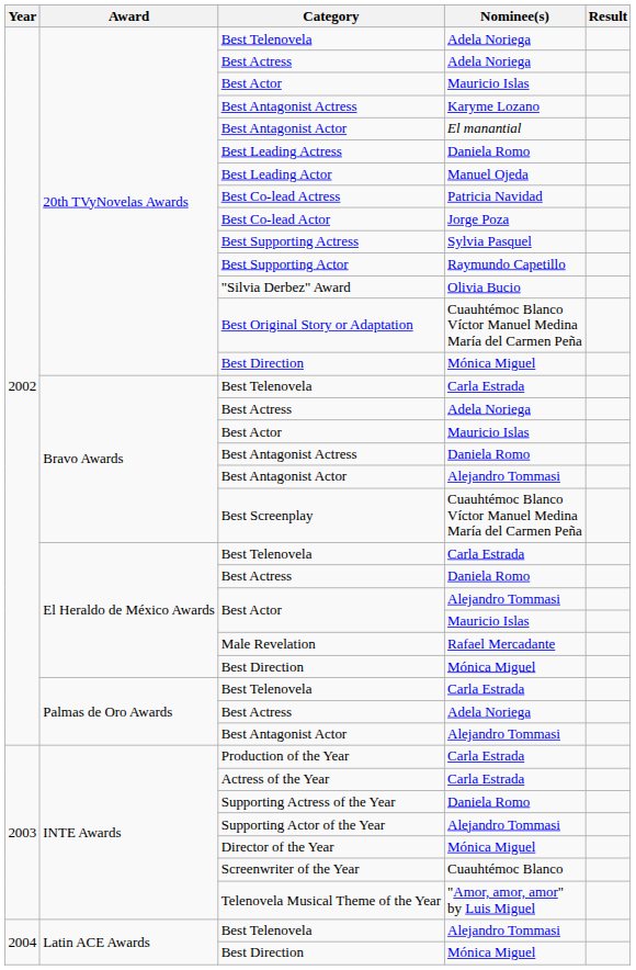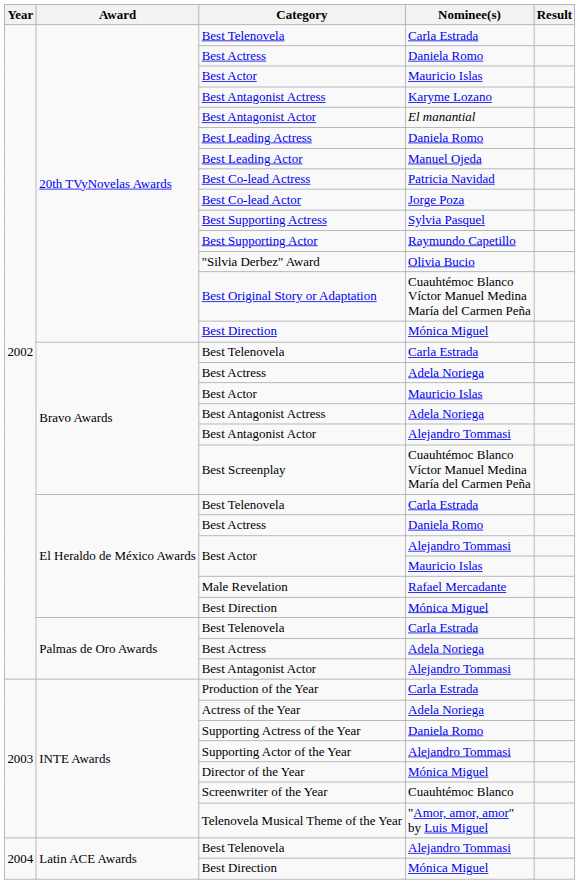 <table class="wikitable">
 <tr style="background:#b0c4de;">
 <th>Year</th>
 <th>Award</th>
 <th>Category</th>
 <th>Nominee(s)</th>
 <th>Result</th>
 </tr>
 <tr>
 <td rowspan=29>2002</td>
 <td rowspan=14><a href='#'>20th TVyNovelas Awards</a></td>
 <td><a href='#'>Best Telenovela</a></td>
-<td><a href='#'>Adela Noriega</a></td>
+<td><a href='#'>Carla Estrada</a></td>
 <td></td>
 </tr>
 <tr>
 <td><a href='#'>Best Actress</a></td>
-<td><a href='#'>Adela Noriega</a></td>
+<td><a href='#'>Daniela Romo</a></td>
 <td></td>
 </tr>
 <tr>
 <td><a href='#'>Best Actor</a></td>
 <td><a href='#'>Mauricio Islas</a></td>
 <td></td>
 </tr>
 <tr>
 <td><a href='#'>Best Antagonist Actress</a></td>
 <td><a href='#'>Karyme Lozano</a></td>
 <td></td>
 </tr>
 <tr>
 <td><a href='#'>Best Antagonist Actor</a></td>
 <td><em>El manantial</em></td>
 <td></td>
 </tr>
 <tr>
 <td><a href='#'>Best Leading Actress</a></td>
 <td><a href='#'>Daniela Romo</a></td>
 <td></td>
 </tr>
 <tr>
 <td><a href='#'>Best Leading Actor</a></td>
 <td><a href='#'>Manuel Ojeda</a></td>
 <td></td>
 </tr>
 <tr>
 <td><a href='#'>Best Co-lead Actress</a></td>
 <td><a href='#'>Patricia Navidad</a></td>
 <td></td>
 </tr>
 <tr>
 <td><a href='#'>Best Co-lead Actor</a></td>
 <td><a href='#'>Jorge Poza</a></td>
 <td></td>
 </tr>
 <tr>
 <td><a href='#'>Best Supporting Actress</a></td>
 <td><a href='#'>Sylvia Pasquel</a></td>
 <td></td>
 </tr>
 <tr>
 <td><a href='#'>Best Supporting Actor</a></td>
 <td><a href='#'>Raymundo Capetillo</a></td>
 <td></td>
 </tr>
 <tr>
 <td>"Silvia Derbez" Award</td>
 <td><a href='#'>Olivia Bucio</a></td>
 <td></td>
 </tr>
 <tr>
 <td><a href='#'>Best Original Story or Adaptation</a></td>
 <td>Cuauhtémoc Blanco <br> Víctor Manuel Medina <br> María del Carmen Peña</td>
 <td></td>
 </tr>
 <tr>
 <td><a href='#'>Best Direction</a></td>
 <td><a href='#'>Mónica Miguel</a></td>
 <td></td>
 </tr>
 <tr>
 <td rowspan=6>Bravo Awards</td>
 <td>Best Telenovela</td>
 <td><a href='#'>Carla Estrada</a></td>
 <td></td>
 </tr>
 <tr>
 <td>Best Actress</td>
 <td><a href='#'>Adela Noriega</a></td>
 <td></td>
 </tr>
 <tr>
 <td>Best Actor</td>
 <td><a href='#'>Mauricio Islas</a></td>
 <td></td>
 </tr>
 <tr>
 <td>Best Antagonist Actress</td>
-<td><a href='#'>Daniela Romo</a></td>
+<td><a href='#'>Adela Noriega</a></td>
 <td></td>
 </tr>
 <tr>
 <td>Best Antagonist Actor</td>
 <td><a href='#'>Alejandro Tommasi</a></td>
 <td></td>
 </tr>
 <tr>
 <td>Best Screenplay</td>
 <td>Cuauhtémoc Blanco <br> Víctor Manuel Medina <br> María del Carmen Peña</td>
 <td></td>
 </tr>
 <tr>
 <td rowspan=6>El Heraldo de México Awards</td>
 <td>Best Telenovela</td>
 <td><a href='#'>Carla Estrada</a></td>
 <td></td>
 </tr>
 <tr>
 <td>Best Actress</td>
 <td><a href='#'>Daniela Romo</a></td>
 <td></td>
 </tr>
 <tr>
 <td rowspan=2>Best Actor</td>
 <td><a href='#'>Alejandro Tommasi</a></td>
 <td></td>
 </tr>
 <tr>
 <td><a href='#'>Mauricio Islas</a></td>
 <td></td>
 </tr>
 <tr>
 <td>Male Revelation</td>
 <td><a href='#'>Rafael Mercadante</a></td>
 <td></td>
 </tr>
 <tr>
 <td>Best Direction</td>
 <td><a href='#'>Mónica Miguel</a></td>
 <td></td>
 </tr>
 <tr>
 <td rowspan=3>Palmas de Oro Awards</td>
 <td>Best Telenovela</td>
 <td><a href='#'>Carla Estrada</a></td>
 <td></td>
 </tr>
 <tr>
 <td>Best Actress</td>
 <td><a href='#'>Adela Noriega</a></td>
 <td></td>
 </tr>
 <tr>
 <td>Best Antagonist Actor</td>
 <td><a href='#'>Alejandro Tommasi</a></td>
 <td></td>
 </tr>
 <tr>
 <td rowspan=7>2003</td>
 <td rowspan=7>INTE Awards</td>
 <td>Production of the Year</td>
 <td><a href='#'>Carla Estrada</a></td>
 <td></td>
 </tr>
 <tr>
 <td>Actress of the Year</td>
-<td><a href='#'>Carla Estrada</a></td>
+<td><a href='#'>Adela Noriega</a></td>
 <td></td>
 </tr>
 <tr>
 <td>Supporting Actress of the Year</td>
 <td><a href='#'>Daniela Romo</a></td>
 <td></td>
 </tr>
 <tr>
 <td>Supporting Actor of the Year</td>
 <td><a href='#'>Alejandro Tommasi</a></td>
 <td></td>
 </tr>
 <tr>
 <td>Director of the Year</td>
 <td><a href='#'>Mónica Miguel</a></td>
 <td></td>
 </tr>
 <tr>
 <td>Screenwriter of the Year</td>
 <td>Cuauhtémoc Blanco</td>
 <td></td>
 </tr>
 <tr>
 <td>Telenovela Musical Theme of the Year</td>
 <td>"<a href='#'>Amor, amor, amor</a>" <br> by <a href='#'>Luis Miguel</a></td>
 <td></td>
 </tr>
 <tr>
 <td rowspan=2>2004</td>
 <td rowspan=2>Latin ACE Awards</td>
 <td>Best Telenovela</td>
 <td><a href='#'>Alejandro Tommasi</a></td>
 <td></td>
 </tr>
 <tr>
 <td>Best Direction</td>
 <td><a href='#'>Mónica Miguel</a></td>
 <td></td>
 </tr>
 </table>
